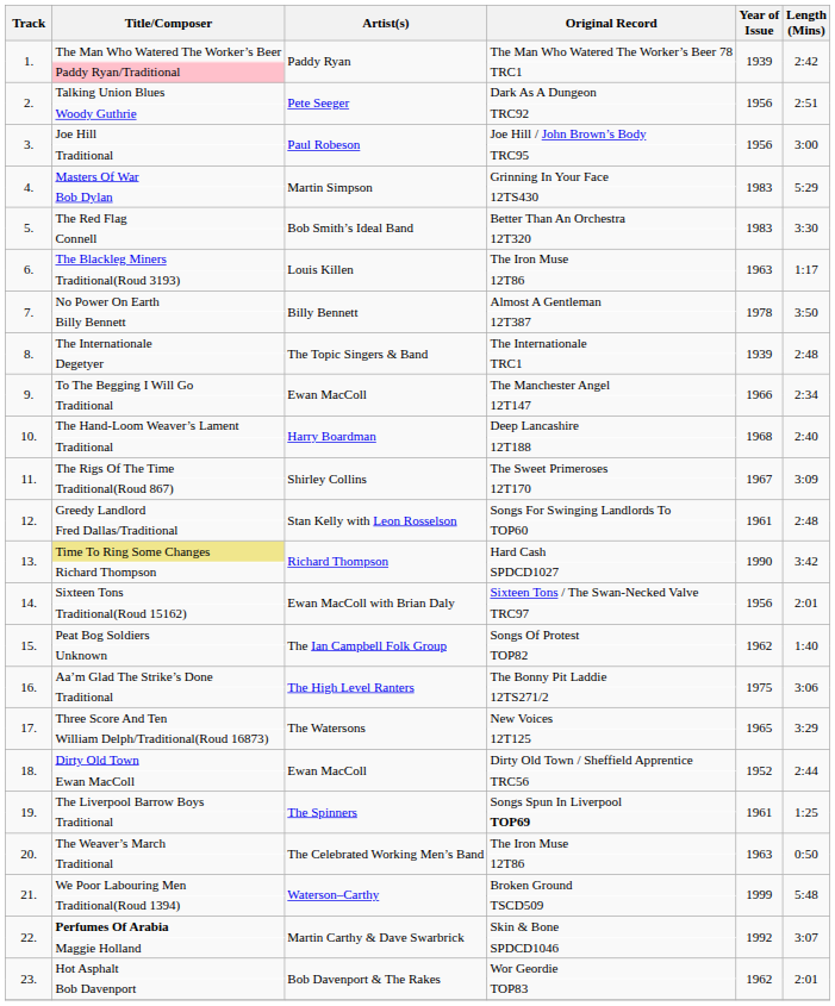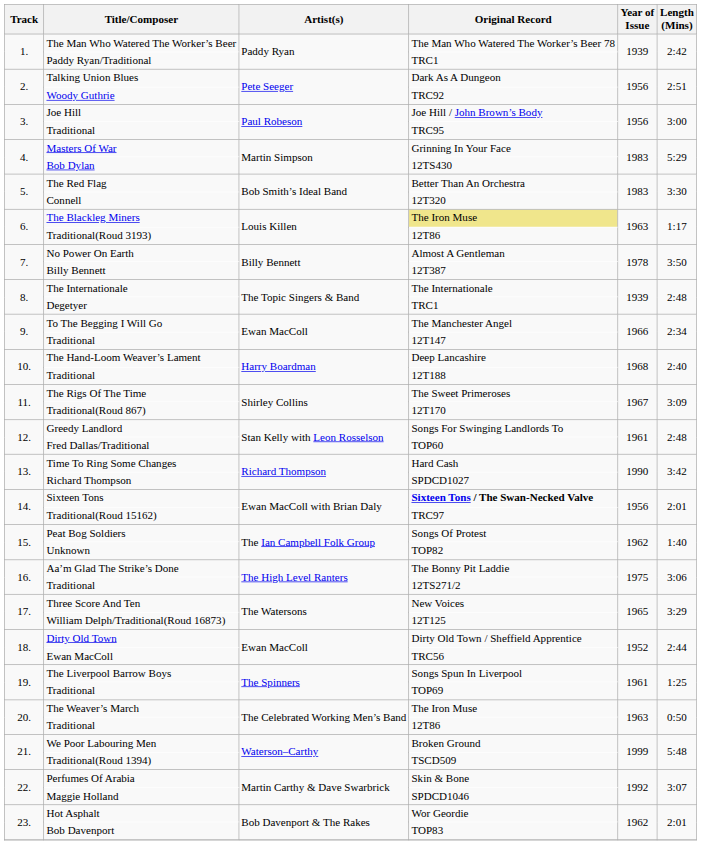 <table class="wikitable collapsible">
 <tr>
 <th style="width:  50px">Track</th>
 <th>Title/Composer</th>
 <th>Artist(s)</th>
 <th>Original Record</th>
 <th style="width:  50px">Year of Issue</th>
 <th style="width:  50px">Length (Mins)</th>
 </tr>
 <tr>
 <td rowspan="2" style="text-align: center;">1.</td>
 <td style="border-bottom: 1px solid white;">The Man Who Watered The Worker’s Beer</td>
 <td rowspan="2">Paddy Ryan</td>
 <td Style="border-bottom: 1px solid white;">The Man Who Watered The Worker’s Beer 78</td>
 <td rowspan="2" style="text-align: center;">1939</td>
 <td rowspan="2" style="text-align: center;">2:42</td>
 </tr>
 <tr>
-<td style="background: pink;">Paddy Ryan/Traditional</td>
+<td>Paddy Ryan/Traditional</td>
 <td>TRC1</td>
 </tr>
 <tr>
 <td rowspan="2" style="text-align: center;">2.</td>
 <td style="border-bottom: 1px solid white;">Talking Union Blues</td>
 <td rowspan="2"><a href='#'>Pete Seeger</a></td>
 <td Style="border-bottom: 1px solid white;">Dark As A Dungeon</td>
 <td rowspan="2" style="text-align: center;">1956</td>
 <td rowspan="2" style="text-align: center;">2:51</td>
 </tr>
 <tr>
 <td><a href='#'>Woody Guthrie</a></td>
 <td>TRC92</td>
 </tr>
 <tr>
 <td rowspan="2" style="text-align: center;">3.</td>
 <td style="border-bottom: 1px solid white;">Joe Hill</td>
 <td rowspan="2"><a href='#'>Paul Robeson</a></td>
 <td Style="border-bottom: 1px solid white;">Joe Hill / <a href='#'>John Brown’s Body</a></td>
 <td rowspan="2" style="text-align: center;">1956</td>
 <td rowspan="2" style="text-align: center;">3:00</td>
 </tr>
 <tr>
 <td>Traditional</td>
 <td>TRC95</td>
 </tr>
 <tr>
 <td rowspan="2" style="text-align: center;">4.</td>
 <td style="border-bottom: 1px solid white;"><a href='#'>Masters Of War</a></td>
 <td rowspan="2">Martin Simpson</td>
 <td Style="border-bottom: 1px solid white;">Grinning In Your Face</td>
 <td rowspan="2" style="text-align: center;">1983</td>
 <td rowspan="2" style="text-align: center;">5:29</td>
 </tr>
 <tr>
 <td><a href='#'>Bob Dylan</a></td>
 <td>12TS430</td>
 </tr>
 <tr>
 <td rowspan="2" style="text-align: center;">5.</td>
 <td style="border-bottom: 1px solid white;">The Red Flag</td>
 <td rowspan="2">Bob Smith’s Ideal Band</td>
 <td Style="border-bottom: 1px solid white;">Better Than An Orchestra</td>
 <td rowspan="2" style="text-align: center;">1983</td>
 <td rowspan="2" style="text-align: center;">3:30</td>
 </tr>
 <tr>
 <td>Connell</td>
 <td>12T320</td>
 </tr>
 <tr>
 <td rowspan="2" style="text-align: center;">6.</td>
 <td style="border-bottom: 1px solid white;"><a href='#'>The Blackleg Miners</a></td>
 <td rowspan="2">Louis Killen</td>
-<td Style="border-bottom: 1px solid white;">The Iron Muse</td>
+<td Style="background: khaki; border-bottom: 1px solid white;">The Iron Muse</td>
 <td rowspan="2" style="text-align: center;">1963</td>
 <td rowspan="2" style="text-align: center;">1:17</td>
 </tr>
 <tr>
 <td>Traditional(Roud 3193)</td>
 <td>12T86</td>
 </tr>
 <tr>
 <td rowspan="2" style="text-align: center;">7.</td>
 <td style="border-bottom: 1px solid white;">No Power On Earth</td>
 <td rowspan="2">Billy Bennett</td>
 <td Style="border-bottom: 1px solid white;">Almost A Gentleman</td>
 <td rowspan="2" style="text-align: center;">1978</td>
 <td rowspan="2" style="text-align: center;">3:50</td>
 </tr>
 <tr>
 <td>Billy Bennett</td>
 <td>12T387</td>
 </tr>
 <tr>
 <td rowspan="2" style="text-align: center;">8.</td>
 <td style="border-bottom: 1px solid white;">The Internationale</td>
 <td rowspan="2">The Topic Singers & Band</td>
 <td Style="border-bottom: 1px solid white;">The Internationale</td>
 <td rowspan="2" style="text-align: center;">1939</td>
 <td rowspan="2" style="text-align: center;">2:48</td>
 </tr>
 <tr>
 <td>Degetyer</td>
 <td>TRC1</td>
 </tr>
 <tr>
 <td rowspan="2" style="text-align: center;">9.</td>
 <td style="border-bottom: 1px solid white;">To The Begging I Will Go</td>
 <td rowspan="2">Ewan MacColl</td>
 <td Style="border-bottom: 1px solid white;">The Manchester Angel</td>
 <td rowspan="2" style="text-align: center;">1966</td>
 <td rowspan="2" style="text-align: center;">2:34</td>
 </tr>
 <tr>
 <td>Traditional</td>
 <td>12T147</td>
 </tr>
 <tr>
 <td rowspan="2" style="text-align: center;">10.</td>
 <td style="border-bottom: 1px solid white;">The Hand-Loom Weaver’s Lament</td>
 <td rowspan="2"><a href='#'>Harry Boardman</a></td>
 <td Style="border-bottom: 1px solid white;">Deep Lancashire</td>
 <td rowspan="2" style="text-align: center;">1968</td>
 <td rowspan="2" style="text-align: center;">2:40</td>
 </tr>
 <tr>
 <td>Traditional</td>
 <td>12T188</td>
 </tr>
 <tr>
 <td rowspan="2" style="text-align: center;">11.</td>
 <td style="border-bottom: 1px solid white;">The Rigs Of The Time</td>
 <td rowspan="2">Shirley Collins</td>
 <td Style="border-bottom: 1px solid white;">The Sweet Primeroses</td>
 <td rowspan="2" style="text-align: center;">1967</td>
 <td rowspan="2" style="text-align: center;">3:09</td>
 </tr>
 <tr>
 <td>Traditional(Roud 867)</td>
 <td>12T170</td>
 </tr>
 <tr>
 <td rowspan="2" style="text-align: center;">12.</td>
 <td style="border-bottom: 1px solid white;">Greedy Landlord</td>
 <td rowspan="2">Stan Kelly with <a href='#'>Leon Rosselson</a></td>
 <td Style="border-bottom: 1px solid white;">Songs For Swinging Landlords To</td>
 <td rowspan="2" style="text-align: center;">1961</td>
 <td rowspan="2" style="text-align: center;">2:48</td>
 </tr>
 <tr>
 <td>Fred Dallas/Traditional</td>
 <td>TOP60</td>
 </tr>
 <tr>
 <td rowspan="2" style="text-align: center;">13.</td>
-<td style="background: khaki; border-bottom: 1px solid white;">Time To Ring Some Changes</td>
+<td style="border-bottom: 1px solid white;">Time To Ring Some Changes</td>
 <td rowspan="2"><a href='#'>Richard Thompson</a></td>
 <td Style="border-bottom: 1px solid white;">Hard Cash</td>
 <td rowspan="2" style="text-align: center;">1990</td>
 <td rowspan="2" style="text-align: center;">3:42</td>
 </tr>
 <tr>
 <td>Richard Thompson</td>
 <td>SPDCD1027</td>
 </tr>
 <tr>
 <td rowspan="2" style="text-align: center;">14.</td>
 <td style="border-bottom: 1px solid white;">Sixteen Tons</td>
 <td rowspan="2">Ewan MacColl with Brian Daly</td>
-<td Style="border-bottom: 1px solid white;"><a href='#'>Sixteen Tons</a> / The Swan-Necked Valve</td>
+<td Style="border-bottom: 1px solid white;"><strong><a href='#'>Sixteen Tons</a> / The Swan-Necked Valve</strong></td>
 <td rowspan="2" style="text-align: center;">1956</td>
 <td rowspan="2" style="text-align: center;">2:01</td>
 </tr>
 <tr>
 <td>Traditional(Roud 15162)</td>
 <td>TRC97</td>
 </tr>
 <tr>
 <td rowspan="2" style="text-align: center;">15.</td>
 <td style="border-bottom: 1px solid white;">Peat Bog Soldiers</td>
 <td rowspan="2">The <a href='#'>Ian Campbell Folk Group</a></td>
 <td Style="border-bottom: 1px solid white;">Songs Of Protest</td>
 <td rowspan="2" style="text-align: center;">1962</td>
 <td rowspan="2" style="text-align: center;">1:40</td>
 </tr>
 <tr>
 <td>Unknown</td>
 <td>TOP82</td>
 </tr>
 <tr>
 <td rowspan="2" style="text-align: center;">16.</td>
 <td style="border-bottom: 1px solid white;">Aa’m Glad The Strike’s Done</td>
 <td rowspan="2"><a href='#'>The High Level Ranters</a></td>
 <td Style="border-bottom: 1px solid white;">The Bonny Pit Laddie</td>
 <td rowspan="2" style="text-align: center;">1975</td>
 <td rowspan="2" style="text-align: center;">3:06</td>
 </tr>
 <tr>
 <td>Traditional</td>
 <td>12TS271/2</td>
 </tr>
 <tr>
 <td rowspan="2" style="text-align: center;">17.</td>
 <td style="border-bottom: 1px solid white;">Three Score And Ten</td>
 <td rowspan="2">The Watersons</td>
 <td Style="border-bottom: 1px solid white;">New Voices</td>
 <td rowspan="2" style="text-align: center;">1965</td>
 <td rowspan="2" style="text-align: center;">3:29</td>
 </tr>
 <tr>
 <td>William Delph/Traditional(Roud 16873)</td>
 <td>12T125</td>
 </tr>
 <tr>
 <td rowspan="2" style="text-align: center;">18.</td>
 <td style="border-bottom: 1px solid white;"><a href='#'>Dirty Old Town</a></td>
 <td rowspan="2">Ewan MacColl</td>
 <td Style="border-bottom: 1px solid white;">Dirty Old Town / Sheffield Apprentice</td>
 <td rowspan="2" style="text-align: center;">1952</td>
 <td rowspan="2" style="text-align: center;">2:44</td>
 </tr>
 <tr>
 <td>Ewan MacColl</td>
 <td>TRC56</td>
 </tr>
 <tr>
 <td rowspan="2" style="text-align: center;">19.</td>
 <td style="border-bottom: 1px solid white;">The Liverpool Barrow Boys</td>
 <td rowspan="2"><a href='#'>The Spinners</a></td>
 <td Style="border-bottom: 1px solid white;">Songs Spun In Liverpool</td>
 <td rowspan="2" style="text-align: center;">1961</td>
 <td rowspan="2" style="text-align: center;">1:25</td>
 </tr>
 <tr>
 <td>Traditional</td>
-<td><strong>TOP69</strong></td>
+<td>TOP69</td>
 </tr>
 <tr>
 <td rowspan="2" style="text-align: center;">20.</td>
 <td style="border-bottom: 1px solid white;">The Weaver’s March</td>
 <td rowspan="2">The Celebrated Working Men’s Band</td>
 <td Style="border-bottom: 1px solid white;">The Iron Muse</td>
 <td rowspan="2" style="text-align: center;">1963</td>
 <td rowspan="2" style="text-align: center;">0:50</td>
 </tr>
 <tr>
 <td>Traditional</td>
 <td>12T86</td>
 </tr>
 <tr>
 <td rowspan="2" style="text-align: center;">21.</td>
 <td style="border-bottom: 1px solid white;">We Poor Labouring Men</td>
 <td rowspan="2"><a href='#'>Waterson–Carthy</a></td>
 <td Style="border-bottom: 1px solid white;">Broken Ground</td>
 <td rowspan="2" style="text-align: center;">1999</td>
 <td rowspan="2" style="text-align: center;">5:48</td>
 </tr>
 <tr>
 <td>Traditional(Roud 1394)</td>
 <td>TSCD509</td>
 </tr>
 <tr>
 <td rowspan="2" style="text-align: center;">22.</td>
-<td style="border-bottom: 1px solid white;"><strong>Perfumes Of Arabia</strong></td>
+<td style="border-bottom: 1px solid white;">Perfumes Of Arabia</td>
 <td rowspan="2">Martin Carthy & Dave Swarbrick</td>
 <td Style="border-bottom: 1px solid white;">Skin & Bone</td>
 <td rowspan="2" style="text-align: center;">1992</td>
 <td rowspan="2" style="text-align: center;">3:07</td>
 </tr>
 <tr>
 <td>Maggie Holland</td>
 <td>SPDCD1046</td>
 </tr>
 <tr>
 <td rowspan="2" style="text-align: center;">23.</td>
 <td style="border-bottom: 1px solid white;">Hot Asphalt</td>
 <td rowspan="2">Bob Davenport & The Rakes</td>
 <td Style="border-bottom: 1px solid white;">Wor Geordie</td>
 <td rowspan="2" style="text-align: center;">1962</td>
 <td rowspan="2" style="text-align: center;">2:01</td>
 </tr>
 <tr>
 <td>Bob Davenport</td>
 <td>TOP83</td>
 </tr>
 <tr>
 </tr>
 </table>
